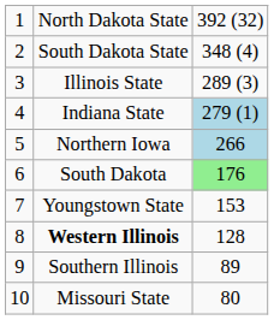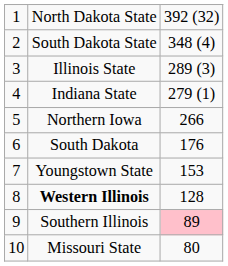 <table class="wikitable">
 <tr align="center">
 </tr>
 <tr align="center">
 <td>1</td>
 <td>North Dakota State</td>
 <td>392 (32)</td>
 </tr>
 <tr align="center">
 <td>2</td>
 <td>South Dakota State</td>
 <td>348 (4)</td>
 </tr>
 <tr align="center">
 <td>3</td>
 <td>Illinois State</td>
 <td>289 (3)</td>
 </tr>
 <tr align="center">
 <td>4</td>
 <td>Indiana State</td>
-<td style="background: lightblue;">279 (1)</td>
+<td>279 (1)</td>
 </tr>
 <tr align="center">
 <td>5</td>
 <td>Northern Iowa</td>
-<td style="background: lightblue;">266</td>
+<td>266</td>
 </tr>
 <tr align="center">
 <td>6</td>
 <td>South Dakota</td>
-<td style="background: lightgreen;">176</td>
+<td>176</td>
 </tr>
 <tr align="center">
 <td>7</td>
 <td>Youngstown State</td>
 <td>153</td>
 </tr>
 <tr align="center">
 <td>8</td>
 <td><strong>Western Illinois</strong></td>
 <td>128</td>
 </tr>
 <tr align="center">
 <td>9</td>
 <td>Southern Illinois</td>
-<td>89</td>
+<td style="background: pink;">89</td>
 </tr>
 <tr align="center">
 <td>10</td>
 <td>Missouri State</td>
 <td>80</td>
 </tr>
 </table>
